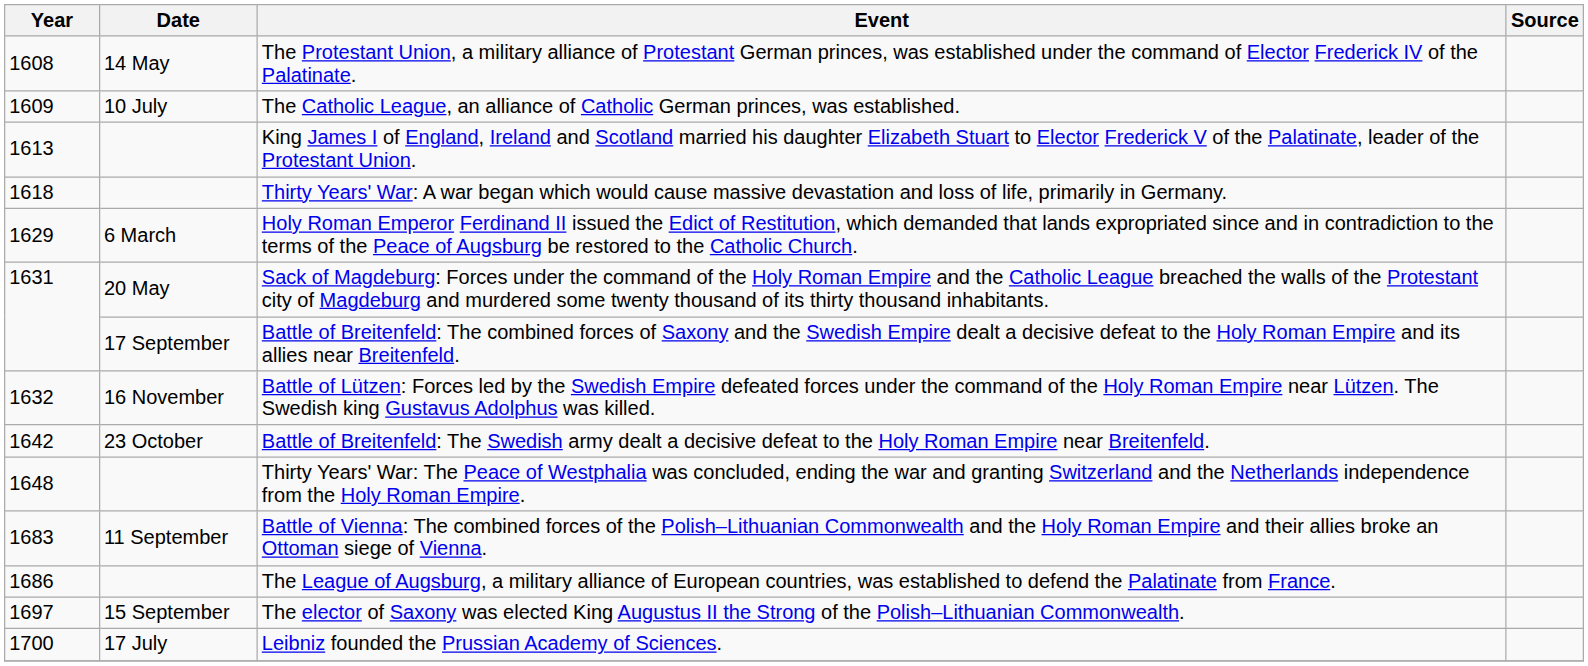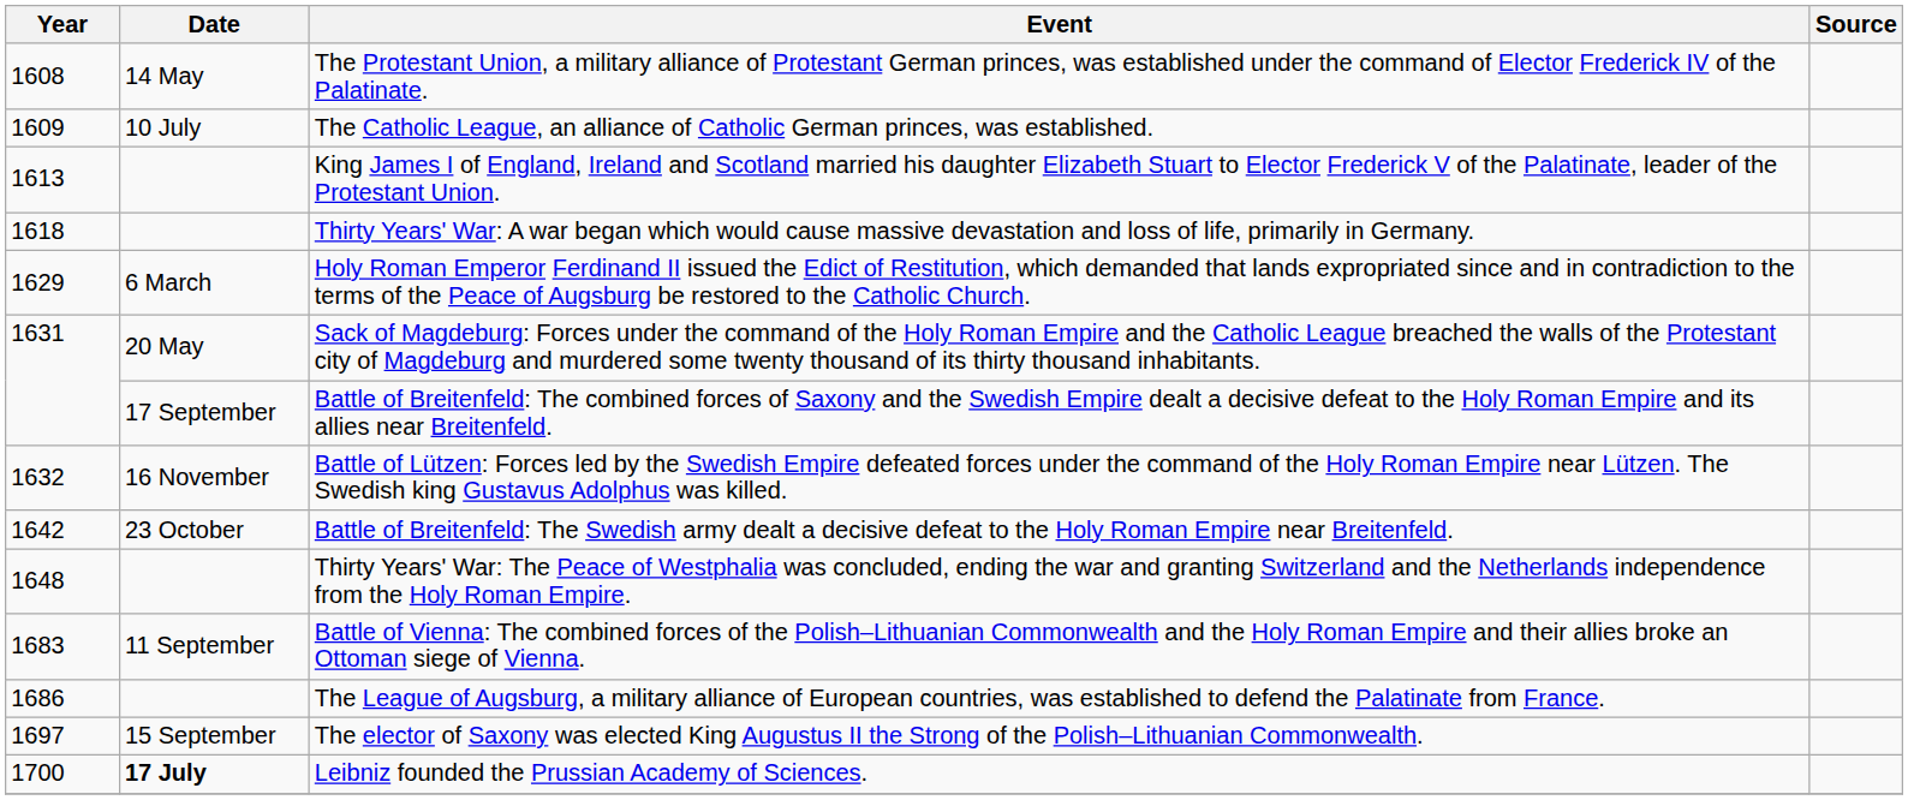 <table class="wikitable" width="100%">
 <tr>
 <th style="width:6%">Year</th>
 <th style="width:10%">Date</th>
 <th>Event</th>
 <th>Source</th>
 </tr>
 <tr>
 <td>1608</td>
 <td>14 May</td>
 <td>The <a href='#'>Protestant Union</a>, a military alliance of <a href='#'>Protestant</a> German princes, was established under the command of <a href='#'>Elector</a> <a href='#'>Frederick IV</a> of the <a href='#'>Palatinate</a>.</td>
 <td></td>
 </tr>
 <tr>
 <td>1609</td>
 <td>10 July</td>
 <td>The <a href='#'>Catholic League</a>, an alliance of <a href='#'>Catholic</a> German princes, was established.</td>
 <td></td>
 </tr>
 <tr>
 <td>1613</td>
 <td></td>
 <td>King <a href='#'>James I</a> of <a href='#'>England</a>, <a href='#'>Ireland</a> and <a href='#'>Scotland</a> married his daughter <a href='#'>Elizabeth Stuart</a> to <a href='#'>Elector</a> <a href='#'>Frederick V</a> of the <a href='#'>Palatinate</a>, leader of the <a href='#'>Protestant Union</a>.</td>
 <td></td>
 </tr>
 <tr>
 <td>1618</td>
 <td></td>
 <td><a href='#'>Thirty Years' War</a>: A war began which would cause massive devastation and loss of life, primarily in Germany.</td>
 <td></td>
 </tr>
 <tr>
 <td>1629</td>
 <td>6 March</td>
 <td><a href='#'>Holy Roman Emperor</a> <a href='#'>Ferdinand II</a> issued the <a href='#'>Edict of Restitution</a>, which demanded that lands expropriated since and in contradiction to the terms of the <a href='#'>Peace of Augsburg</a> be restored to the <a href='#'>Catholic Church</a>.</td>
 <td></td>
 </tr>
 <tr>
 <td rowspan="2" valign="top">1631</td>
 <td>20 May</td>
 <td><a href='#'>Sack of Magdeburg</a>: Forces under the command of the <a href='#'>Holy Roman Empire</a> and the <a href='#'>Catholic League</a> breached the walls of the <a href='#'>Protestant</a> city of <a href='#'>Magdeburg</a> and murdered some twenty thousand of its thirty thousand inhabitants.</td>
 <td></td>
 </tr>
 <tr>
 <td>17 September</td>
 <td><a href='#'>Battle of Breitenfeld</a>: The combined forces of <a href='#'>Saxony</a> and the <a href='#'>Swedish Empire</a> dealt a decisive defeat to the <a href='#'>Holy Roman Empire</a> and its allies near <a href='#'>Breitenfeld</a>.</td>
 <td></td>
 </tr>
 <tr>
 <td>1632</td>
 <td>16 November</td>
 <td><a href='#'>Battle of Lützen</a>: Forces led by the <a href='#'>Swedish Empire</a> defeated forces under the command of the <a href='#'>Holy Roman Empire</a> near <a href='#'>Lützen</a>. The Swedish king <a href='#'>Gustavus Adolphus</a> was killed.</td>
 <td></td>
 </tr>
 <tr>
 <td>1642</td>
 <td>23 October</td>
 <td><a href='#'>Battle of Breitenfeld</a>: The <a href='#'>Swedish</a> army dealt a decisive defeat to the <a href='#'>Holy Roman Empire</a> near <a href='#'>Breitenfeld</a>.</td>
 <td></td>
 </tr>
 <tr>
 <td>1648</td>
 <td></td>
 <td>Thirty Years' War: The <a href='#'>Peace of Westphalia</a> was concluded, ending the war and granting <a href='#'>Switzerland</a> and the <a href='#'>Netherlands</a> independence from the <a href='#'>Holy Roman Empire</a>.</td>
 <td></td>
 </tr>
 <tr>
 <td>1683</td>
 <td>11 September</td>
 <td><a href='#'>Battle of Vienna</a>: The combined forces of the <a href='#'>Polish–Lithuanian Commonwealth</a> and the <a href='#'>Holy Roman Empire</a> and their allies broke an <a href='#'>Ottoman</a> siege of <a href='#'>Vienna</a>.</td>
 <td></td>
 </tr>
 <tr>
 <td>1686</td>
 <td></td>
 <td>The <a href='#'>League of Augsburg</a>, a military alliance of European countries, was established to defend the <a href='#'>Palatinate</a> from <a href='#'>France</a>.</td>
 <td></td>
 </tr>
 <tr>
 <td>1697</td>
 <td>15 September</td>
 <td>The <a href='#'>elector</a> of <a href='#'>Saxony</a> was elected King <a href='#'>Augustus II the Strong</a> of the <a href='#'>Polish–Lithuanian Commonwealth</a>.</td>
 <td></td>
 </tr>
 <tr>
 <td>1700</td>
-<td>17 July</td>
+<td><strong>17 July</strong></td>
 <td><a href='#'>Leibniz</a> founded the <a href='#'>Prussian Academy of Sciences</a>.</td>
 <td></td>
 </tr>
 <tr>
 </tr>
 </table>
